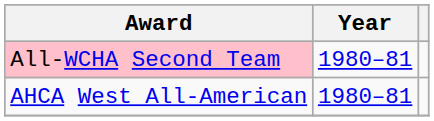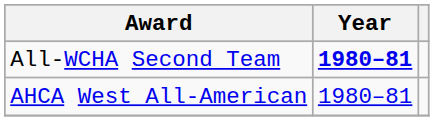 <table class="wikitable">
 <tr>
 <th>Award</th>
 <th>Year</th>
 <th></th>
 </tr>
 <tr>
-<td style="background: pink;">All-<a href='#'>WCHA</a> <a href='#'>Second Team</a></td>
-<td><a href='#'>1980–81</a></td>
+<td>All-<a href='#'>WCHA</a> <a href='#'>Second Team</a></td>
+<td><strong><a href='#'>1980–81</a></strong></td>
 <td></td>
 </tr>
 <tr>
 <td><a href='#'>AHCA</a> <a href='#'>West All-American</a></td>
 <td><a href='#'>1980–81</a></td>
 <td></td>
 </tr>
 <tr>
 </tr>
 </table>
